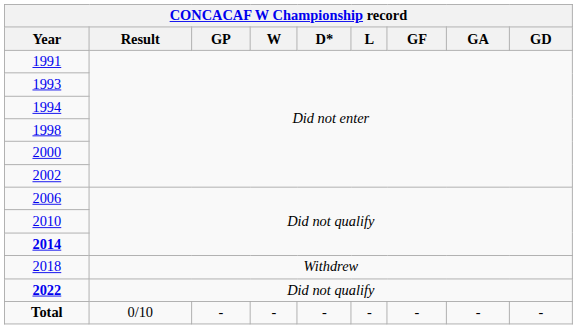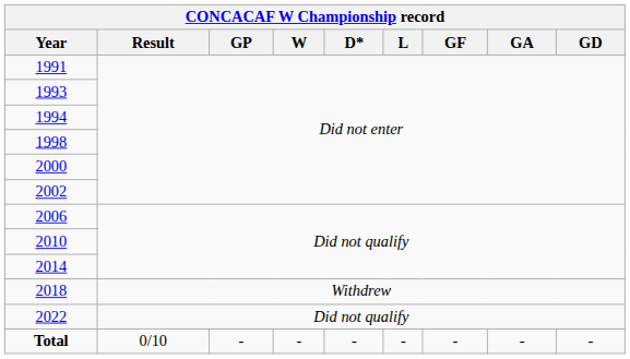 <table class="wikitable" style="text-align: center; width:50%;">
 <tr>
 <th colspan=10><a href='#'>CONCACAF W Championship</a> record</th>
 </tr>
 <tr>
 <th>Year</th>
 <th>Result</th>
 <th>GP</th>
 <th>W</th>
 <th>D*</th>
 <th>L</th>
 <th>GF</th>
 <th>GA</th>
 <th>GD</th>
 </tr>
 <tr>
 <td> <a href='#'>1991</a></td>
 <td colspan=8 rowspan=6><em>Did not enter</em></td>
 </tr>
 <tr>
 <td> <a href='#'>1993</a></td>
 </tr>
 <tr>
 <td> <a href='#'>1994</a></td>
 </tr>
 <tr>
 <td> <a href='#'>1998</a></td>
 </tr>
 <tr>
 <td> <a href='#'>2000</a></td>
 </tr>
 <tr>
 <td> <a href='#'>2002</a></td>
 </tr>
 <tr>
 <td> <a href='#'>2006</a></td>
 <td colspan=8 rowspan=3><em>Did not qualify</em></td>
 </tr>
 <tr>
 <td> <a href='#'>2010</a></td>
 </tr>
 <tr>
-<td><strong> <a href='#'>2014</a></strong></td>
+<td> <a href='#'>2014</a></td>
 </tr>
 <tr>
 <td> <a href='#'>2018</a></td>
 <td colspan=8><em>Withdrew</em></td>
 </tr>
 <tr>
-<td><strong> <a href='#'>2022</a></strong></td>
+<td> <a href='#'>2022</a></td>
 <td colspan=8><em>Did not qualify</em></td>
 </tr>
 <tr>
 <td><strong>Total</strong></td>
 <td>0/10</td>
 <td>-</td>
 <td>-</td>
 <td>-</td>
 <td>-</td>
 <td>-</td>
 <td>-</td>
 <td>-</td>
 </tr>
 </table>
